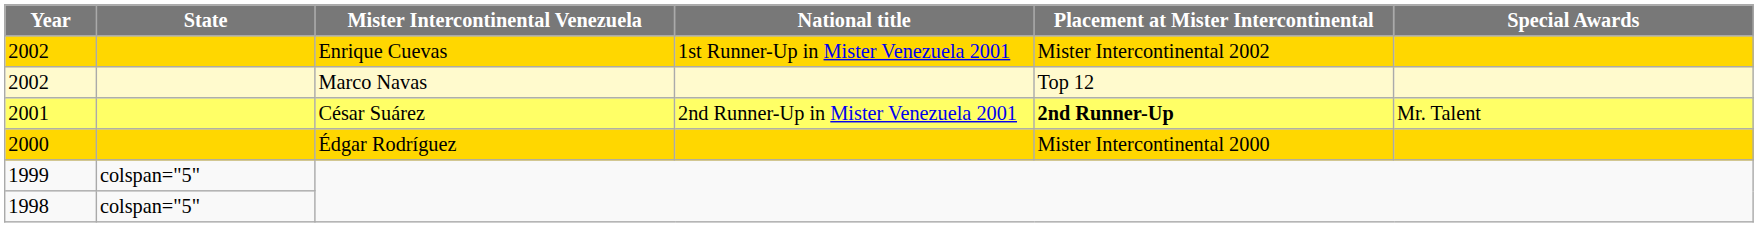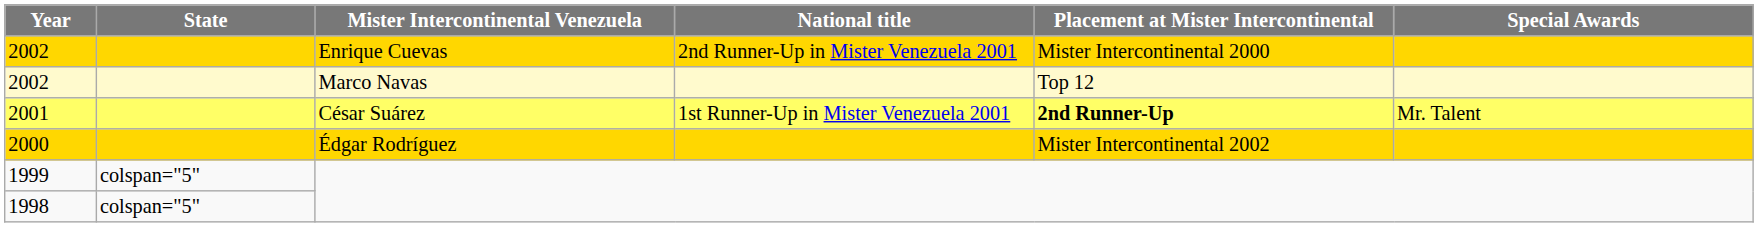 <table class="sortable" border="5" cellpadding="2" cellspacing="0" align=" 0 1em 0 0" style="background: #f9f9f9; border: 1px #aaa solid; border-collapse: collapse; font-size: 90%">
 <tr>
 <th width="60" style="background-color:#787878;color:#FFFFFF;">Year</th>
 <th width="150" style="background-color:#787878;color:#FFFFFF;">State</th>
 <th width="250" style="background-color:#787878;color:#FFFFFF;">Mister Intercontinental Venezuela</th>
 <th width="250" style="background-color:#787878;color:#FFFFFF;">National title</th>
 <th width="250" style="background-color:#787878;color:#FFFFFF;">Placement at Mister Intercontinental</th>
 <th width="250" style="background-color:#787878;color:#FFFFFF;">Special Awards</th>
 </tr>
 <tr bgcolor="gold">
 <td>2002</td>
 <td></td>
 <td>Enrique Cuevas</td>
-<td>1st Runner-Up in <a href='#'>Mister Venezuela 2001</a></td>
-<td>Mister Intercontinental 2002</td>
+<td>2nd Runner-Up in <a href='#'>Mister Venezuela 2001</a></td>
+<td>Mister Intercontinental 2000</td>
 <td></td>
 </tr>
 <tr bgcolor="#FFFACD">
 <td>2002</td>
 <td></td>
 <td>Marco Navas</td>
 <td></td>
 <td>Top 12</td>
 <td></td>
 </tr>
 <tr bgcolor="#FFFF66">
 <td>2001</td>
 <td></td>
 <td>César Suárez</td>
-<td>2nd Runner-Up in <a href='#'>Mister Venezuela 2001</a></td>
+<td>1st Runner-Up in <a href='#'>Mister Venezuela 2001</a></td>
 <td><strong>2nd Runner-Up</strong></td>
 <td>Mr. Talent</td>
 </tr>
 <tr bgcolor="gold">
 <td>2000</td>
 <td></td>
 <td>Édgar Rodríguez</td>
 <td></td>
-<td>Mister Intercontinental 2000</td>
+<td>Mister Intercontinental 2002</td>
 <td></td>
 </tr>
 <tr>
 <td>1999</td>
 <td>colspan="5" </td>
 </tr>
 <tr>
 <td>1998</td>
 <td>colspan="5" </td>
 </tr>
 </table>
